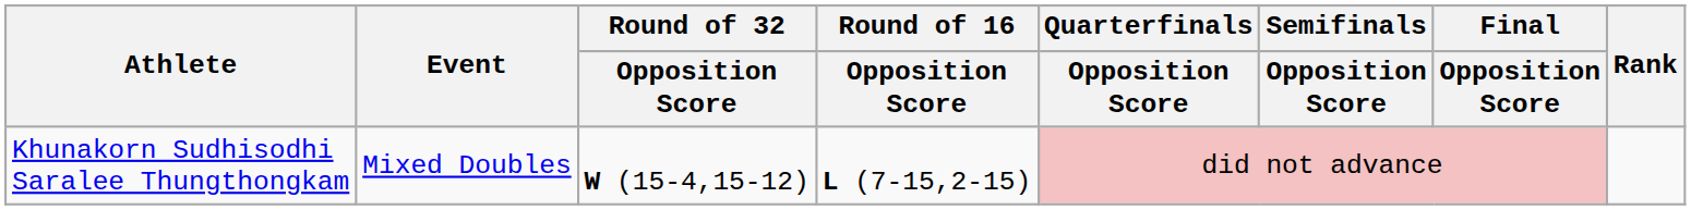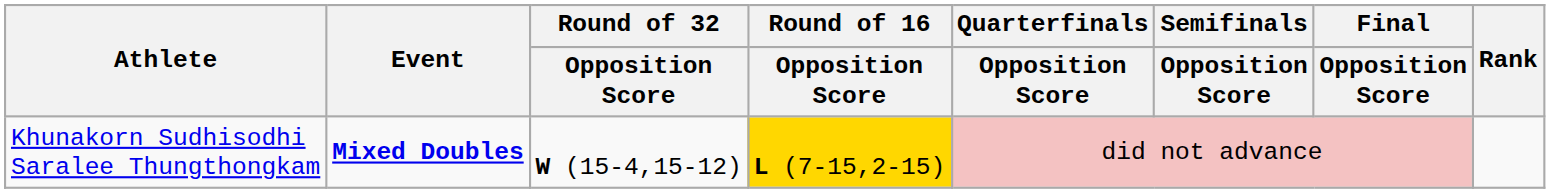 <table class=wikitable style="font-size:90%">
 <tr>
 <th rowspan="2">Athlete</th>
 <th rowspan="2">Event</th>
 <th>Round of 32</th>
 <th>Round of 16</th>
 <th>Quarterfinals</th>
 <th>Semifinals</th>
 <th>Final</th>
 <th rowspan="2">Rank</th>
 </tr>
 <tr>
 <th>Opposition<br>Score</th>
 <th>Opposition<br>Score</th>
 <th>Opposition<br>Score</th>
 <th>Opposition<br>Score</th>
 <th>Opposition<br>Score</th>
 </tr>
 <tr>
 <td><a href='#'>Khunakorn Sudhisodhi</a><br><a href='#'>Saralee Thungthongkam</a></td>
-<td><a href='#'>Mixed Doubles</a></td>
+<td><strong><a href='#'>Mixed Doubles</a></strong></td>
 <td><br> <strong>W</strong> (15-4,15-12)</td>
-<td><br> <strong>L</strong> (7-15,2-15)</td>
+<td style="background: gold;"><br> <strong>L</strong> (7-15,2-15)</td>
 <td bgcolor="f4c2c2" colspan=3 align="center">did not advance</td>
 <td></td>
 </tr>
 </table>
